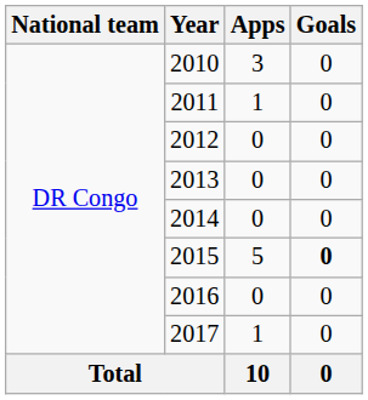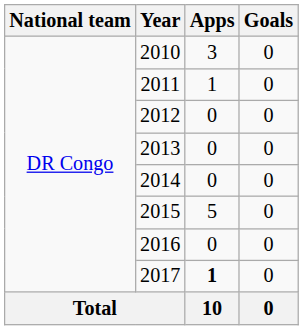 <table class=wikitable style=text-align:center>
 <tr>
 <th>National team</th>
 <th>Year</th>
 <th>Apps</th>
 <th>Goals</th>
 </tr>
 <tr>
 <td rowspan=8><a href='#'>DR Congo</a></td>
 <td>2010</td>
 <td>3</td>
 <td>0</td>
 </tr>
 <tr>
 <td>2011</td>
 <td>1</td>
 <td>0</td>
 </tr>
 <tr>
 <td>2012</td>
 <td>0</td>
 <td>0</td>
 </tr>
 <tr>
 <td>2013</td>
 <td>0</td>
 <td>0</td>
 </tr>
 <tr>
 <td>2014</td>
 <td>0</td>
 <td>0</td>
 </tr>
 <tr>
 <td>2015</td>
 <td>5</td>
-<td><strong>0</strong></td>
+<td>0</td>
 </tr>
 <tr>
 <td>2016</td>
 <td>0</td>
 <td>0</td>
 </tr>
 <tr>
 <td>2017</td>
-<td>1</td>
+<td><strong>1</strong></td>
 <td>0</td>
 </tr>
 <tr>
 <th colspan=2>Total</th>
 <th>10</th>
 <th>0</th>
 </tr>
 </table>
